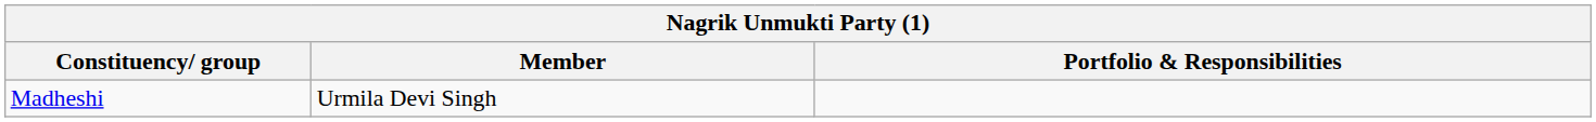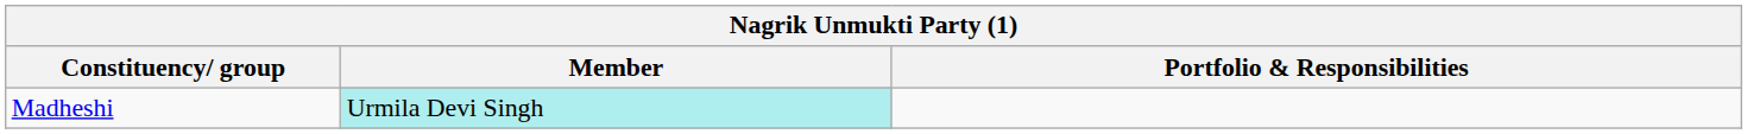 <table class="wikitable">
 <tr>
 <th colspan="3" style="width: 800pt; background:">Nagrik Unmukti Party (1)</th>
 </tr>
 <tr>
 <th style="width:150pt;">Constituency/ group</th>
 <th style="width:250pt;">Member</th>
 <th>Portfolio & Responsibilities</th>
 </tr>
 <tr>
 <td><a href='#'>Madheshi</a></td>
-<td>Urmila Devi Singh</td>
+<td style="background: paleturquoise;">Urmila Devi Singh</td>
 <td></td>
 </tr>
 </table>
